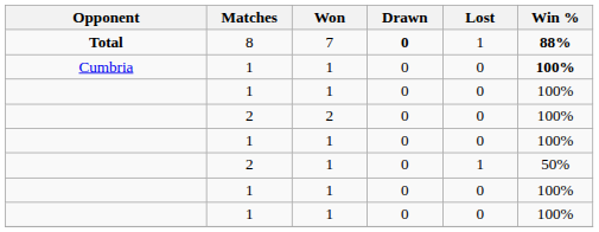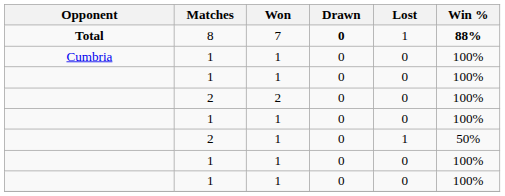 <table class="wikitable sortable" style="text-align:center">
 <tr>
 <th style="width:200px;">Opponent</th>
 <th width="80">Matches</th>
 <th width="70">Won</th>
 <th width="70">Drawn</th>
 <th width="70">Lost</th>
 <th width="70">Win %</th>
 </tr>
 <tr>
 <td><strong>Total</strong></td>
 <td>8</td>
 <td>7</td>
 <td><strong>0</strong></td>
 <td>1</td>
 <td><strong>88%</strong></td>
 </tr>
 <tr>
 <td> <a href='#'>Cumbria</a></td>
 <td>1</td>
 <td>1</td>
 <td>0</td>
 <td>0</td>
-<td><strong>100%</strong></td>
+<td>100%</td>
 </tr>
 <tr>
 <td></td>
 <td>1</td>
 <td>1</td>
 <td>0</td>
 <td>0</td>
 <td>100%</td>
 </tr>
 <tr>
 <td></td>
 <td>2</td>
 <td>2</td>
 <td>0</td>
 <td>0</td>
 <td>100%</td>
 </tr>
 <tr>
 <td></td>
 <td>1</td>
 <td>1</td>
 <td>0</td>
 <td>0</td>
 <td>100%</td>
 </tr>
 <tr>
 <td></td>
 <td>2</td>
 <td>1</td>
 <td>0</td>
 <td>1</td>
 <td>50%</td>
 </tr>
 <tr>
 <td></td>
 <td>1</td>
 <td>1</td>
 <td>0</td>
 <td>0</td>
 <td>100%</td>
 </tr>
 <tr>
 <td></td>
 <td>1</td>
 <td>1</td>
 <td>0</td>
 <td>0</td>
 <td>100%</td>
 </tr>
 <tr>
 </tr>
 </table>
